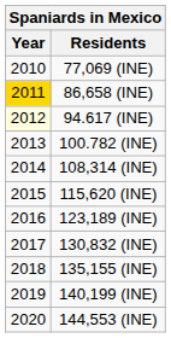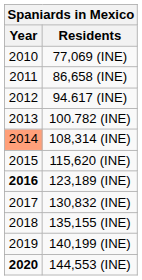 <table class="wikitable" style="text-align:center;">
 <tr>
 <th colspan=5>Spaniards in Mexico</th>
 </tr>
 <tr>
 <th>Year</th>
 <th>Residents</th>
 </tr>
 <tr>
 <td>2010</td>
 <td>77,069 (INE)</td>
 </tr>
 <tr>
-<td style="background: gold;">2011</td>
+<td>2011</td>
 <td>86,658 (INE)</td>
 </tr>
 <tr>
-<td style="background: lightyellow;">2012</td>
+<td>2012</td>
 <td>94.617 (INE)</td>
 </tr>
 <tr>
 <td>2013</td>
 <td>100.782 (INE)</td>
 </tr>
 <tr>
-<td>2014</td>
+<td style="background: lightsalmon;">2014</td>
 <td>108,314 (INE)</td>
 </tr>
 <tr>
 <td>2015</td>
 <td>115,620 (INE)</td>
 </tr>
 <tr>
-<td>2016</td>
+<td><strong>2016</strong></td>
 <td>123,189 (INE)</td>
 </tr>
 <tr>
 <td>2017</td>
 <td>130,832 (INE)</td>
 </tr>
 <tr>
 <td>2018</td>
 <td>135,155 (INE)</td>
 </tr>
 <tr>
 <td>2019</td>
 <td>140,199 (INE)</td>
 </tr>
 <tr>
-<td>2020</td>
+<td><strong>2020</strong></td>
 <td>144,553 (INE)</td>
 </tr>
 </table>
